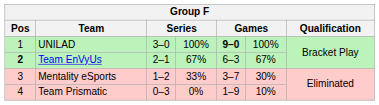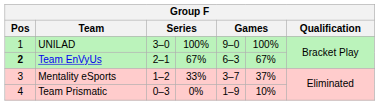 <table class="wikitable" style="display: inline-table; margin-left: 50px;width: 46.5%;">
 <tr>
 <th colspan="7">Group F</th>
 </tr>
 <tr>
 <th>Pos</th>
 <th>Team</th>
 <th colspan="2">Series</th>
 <th colspan="2">Games</th>
 <th>Qualification</th>
 </tr>
 <tr>
 <td style="text-align:center; background:#BBF3BB;">1</td>
 <td style="text-align:left; background:#BBF3BB;">UNILAD</td>
 <td style="text-align:center; background:#BBF3BB;">3–0</td>
 <td style="text-align:center; background:#BBF3BB;">100%</td>
-<td style="text-align:center; background:#BBF3BB;"><strong>9–0</strong></td>
+<td style="text-align:center; background:#BBF3BB;">9–0</td>
 <td style="text-align:center; background:#BBF3BB;">100%</td>
 <td style="text-align:center; background:#BBF3BB;" rowspan="2">Bracket Play</td>
 </tr>
 <tr>
 <td style="text-align:center; background:#BBF3BB;"><strong>2</strong></td>
 <td style="text-align:left; background:#BBF3BB;"><a href='#'>Team EnVyUs</a></td>
 <td style="text-align:center; background:#BBF3BB;">2–1</td>
 <td style="text-align:center; background:#BBF3BB;">67%</td>
 <td style="text-align:center; background:#BBF3BB;">6–3</td>
 <td style="text-align:center; background:#BBF3BB;">67%</td>
 </tr>
 <tr>
 <td style="text-align:center; background:#FFCCCC;">3</td>
 <td style="text-align:left; background:#FFCCCC;">Mentality eSports</td>
 <td style="text-align:center; background:#FFCCCC;">1–2</td>
 <td style="text-align:center; background:#FFCCCC;">33%</td>
 <td style="text-align:center; background:#FFCCCC;">3–7</td>
-<td style="text-align:center; background:#FFCCCC;">30%</td>
+<td style="text-align:center; background:#FFCCCC;">37%</td>
 <td style="text-align:center; background:#FFCCCC;" rowspan="2">Eliminated</td>
 </tr>
 <tr>
 <td style="text-align:center; background:#FFCCCC;">4</td>
 <td style="text-align:left; background:#FFCCCC;">Team Prismatic</td>
 <td style="text-align:center; background:#FFCCCC;">0–3</td>
 <td style="text-align:center; background:#FFCCCC;">0%</td>
 <td style="text-align:center; background:#FFCCCC;">1–9</td>
 <td style="text-align:center; background:#FFCCCC;">10%</td>
 </tr>
 </table>
